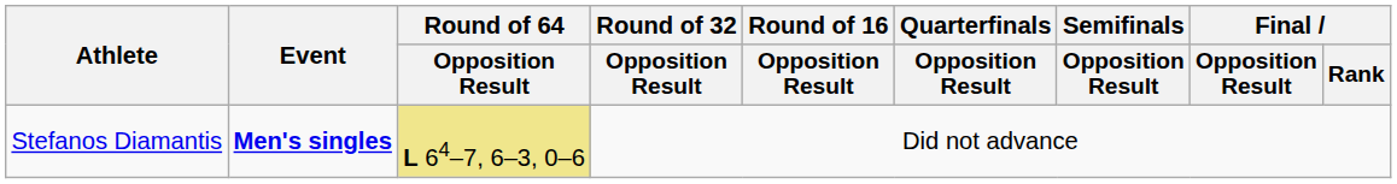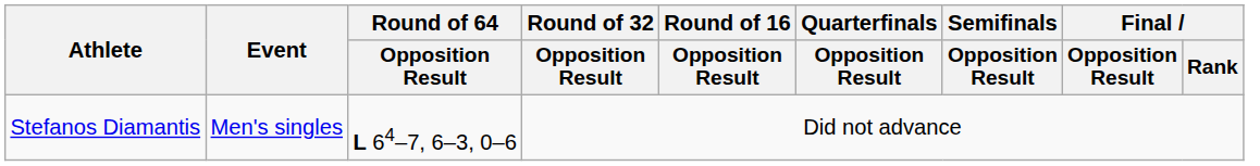 <table class="wikitable" style="font-size:90%;">
 <tr>
 <th rowspan=2>Athlete</th>
 <th rowspan=2>Event</th>
 <th>Round of 64</th>
 <th>Round of 32</th>
 <th>Round of 16</th>
 <th>Quarterfinals</th>
 <th>Semifinals</th>
 <th colspan=2>Final / </th>
 </tr>
 <tr style="font-size:95%">
 <th>Opposition<br>Result</th>
 <th>Opposition<br>Result</th>
 <th>Opposition<br>Result</th>
 <th>Opposition<br>Result</th>
 <th>Opposition<br>Result</th>
 <th>Opposition<br>Result</th>
 <th>Rank</th>
 </tr>
 <tr align=center>
 <td align=left><a href='#'>Stefanos Diamantis</a></td>
-<td align=left><strong><a href='#'>Men's singles</a></strong></td>
-<td style="background: khaki;"><br><strong>L</strong> 6<sup>4</sup>–7, 6–3, 0–6</td>
+<td align=left><a href='#'>Men's singles</a></td>
+<td><br><strong>L</strong> 6<sup>4</sup>–7, 6–3, 0–6</td>
 <td colspan=6>Did not advance</td>
 </tr>
 </table>
